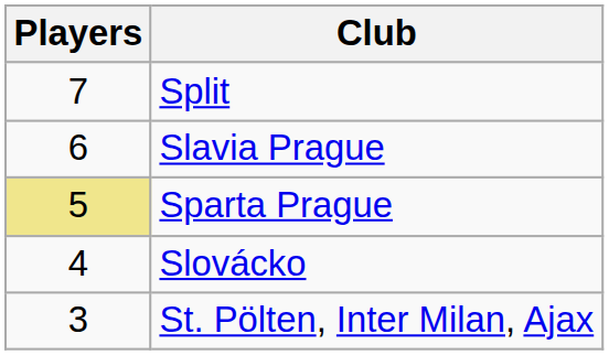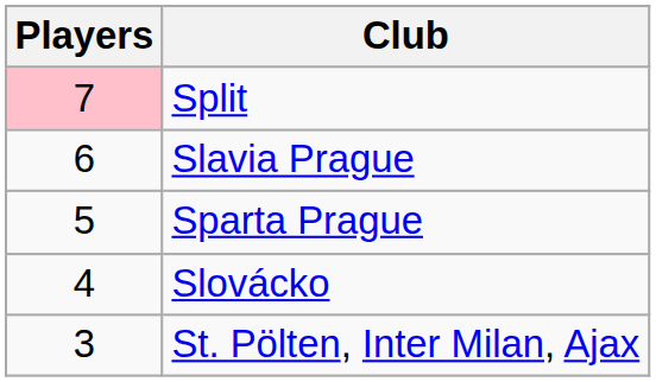 <table class="wikitable">
 <tr>
 <th>Players</th>
 <th>Club</th>
 </tr>
 <tr>
-<td align="center">7</td>
+<td align="center" style="background: pink;">7</td>
 <td> <a href='#'>Split</a></td>
 </tr>
 <tr>
 <td align="center">6</td>
 <td> <a href='#'>Slavia Prague</a></td>
 </tr>
 <tr>
-<td align="center" style="background: khaki;">5</td>
+<td align="center">5</td>
 <td> <a href='#'>Sparta Prague</a></td>
 </tr>
 <tr>
 <td align="center">4</td>
 <td> <a href='#'>Slovácko</a></td>
 </tr>
 <tr>
 <td align="center">3</td>
 <td> <a href='#'>St. Pölten</a>,  <a href='#'>Inter Milan</a>,  <a href='#'>Ajax</a></td>
 </tr>
 </table>
